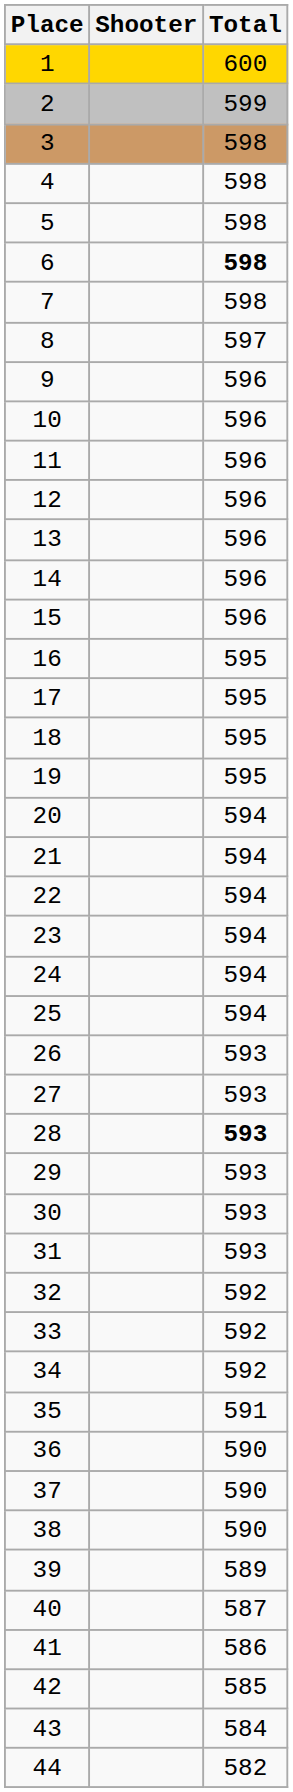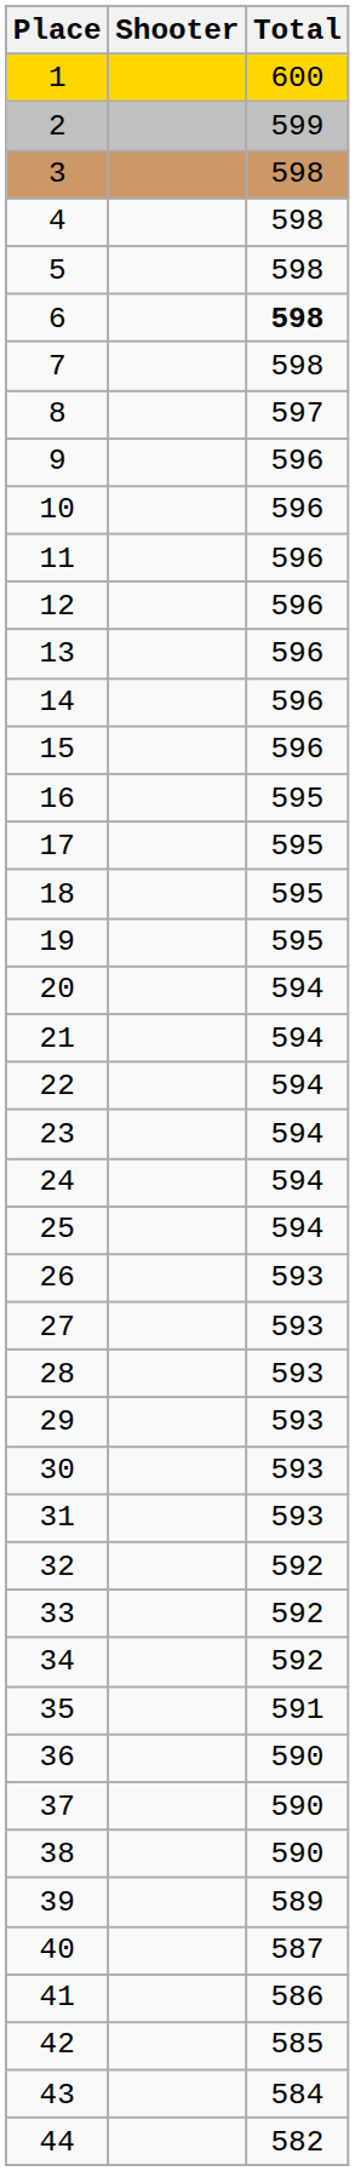 <table class=wikitable style="text-align:center">
 <tr>
 <th>Place</th>
 <th>Shooter</th>
 <th>Total</th>
 </tr>
 <tr align=center bgcolor=gold>
 <td>1</td>
 <td align=left></td>
 <td>600</td>
 </tr>
 <tr align=center bgcolor=silver>
 <td>2</td>
 <td align=left></td>
 <td>599</td>
 </tr>
 <tr align=center bgcolor=cc9966>
 <td>3</td>
 <td align=left></td>
 <td>598</td>
 </tr>
 <tr>
 <td>4</td>
 <td align=left></td>
 <td>598</td>
 </tr>
 <tr>
 <td>5</td>
 <td align=left></td>
 <td>598</td>
 </tr>
 <tr>
 <td>6</td>
 <td align=left></td>
 <td><strong>598</strong></td>
 </tr>
 <tr>
 <td>7</td>
 <td align=left></td>
 <td>598</td>
 </tr>
 <tr>
 <td>8</td>
 <td align=left></td>
 <td>597</td>
 </tr>
 <tr>
 <td>9</td>
 <td align=left></td>
 <td>596</td>
 </tr>
 <tr>
 <td>10</td>
 <td align=left></td>
 <td>596</td>
 </tr>
 <tr>
 <td>11</td>
 <td align=left></td>
 <td>596</td>
 </tr>
 <tr>
 <td>12</td>
 <td align=left></td>
 <td>596</td>
 </tr>
 <tr>
 <td>13</td>
 <td align=left></td>
 <td>596</td>
 </tr>
 <tr>
 <td>14</td>
 <td align=left></td>
 <td>596</td>
 </tr>
 <tr>
 <td>15</td>
 <td align=left></td>
 <td>596</td>
 </tr>
 <tr>
 <td>16</td>
 <td align=left></td>
 <td>595</td>
 </tr>
 <tr>
 <td>17</td>
 <td align=left></td>
 <td>595</td>
 </tr>
 <tr>
 <td>18</td>
 <td align=left></td>
 <td>595</td>
 </tr>
 <tr>
 <td>19</td>
 <td align=left></td>
 <td>595</td>
 </tr>
 <tr>
 <td>20</td>
 <td align=left></td>
 <td>594</td>
 </tr>
 <tr>
 <td>21</td>
 <td align=left></td>
 <td>594</td>
 </tr>
 <tr>
 <td>22</td>
 <td align=left></td>
 <td>594</td>
 </tr>
 <tr>
 <td>23</td>
 <td align=left></td>
 <td>594</td>
 </tr>
 <tr>
 <td>24</td>
 <td align=left></td>
 <td>594</td>
 </tr>
 <tr>
 <td>25</td>
 <td align=left></td>
 <td>594</td>
 </tr>
 <tr>
 <td>26</td>
 <td align=left></td>
 <td>593</td>
 </tr>
 <tr>
 <td>27</td>
 <td align=left></td>
 <td>593</td>
 </tr>
 <tr>
 <td>28</td>
 <td align=left></td>
-<td><strong>593</strong></td>
+<td>593</td>
 </tr>
 <tr>
 <td>29</td>
 <td align=left></td>
 <td>593</td>
 </tr>
 <tr>
 <td>30</td>
 <td align=left></td>
 <td>593</td>
 </tr>
 <tr>
 <td>31</td>
 <td align=left></td>
 <td>593</td>
 </tr>
 <tr>
 <td>32</td>
 <td align=left></td>
 <td>592</td>
 </tr>
 <tr>
 <td>33</td>
 <td align=left></td>
 <td>592</td>
 </tr>
 <tr>
 <td>34</td>
 <td align=left></td>
 <td>592</td>
 </tr>
 <tr>
 <td>35</td>
 <td align=left></td>
 <td>591</td>
 </tr>
 <tr>
 <td>36</td>
 <td align=left></td>
 <td>590</td>
 </tr>
 <tr>
 <td>37</td>
 <td align=left></td>
 <td>590</td>
 </tr>
 <tr>
 <td>38</td>
 <td align=left></td>
 <td>590</td>
 </tr>
 <tr>
 <td>39</td>
 <td align=left></td>
 <td>589</td>
 </tr>
 <tr>
 <td>40</td>
 <td align=left></td>
 <td>587</td>
 </tr>
 <tr>
 <td>41</td>
 <td align=left></td>
 <td>586</td>
 </tr>
 <tr>
 <td>42</td>
 <td align=left></td>
 <td>585</td>
 </tr>
 <tr>
 <td>43</td>
 <td align=left></td>
 <td>584</td>
 </tr>
 <tr>
 <td>44</td>
 <td align=left></td>
 <td>582</td>
 </tr>
 </table>
